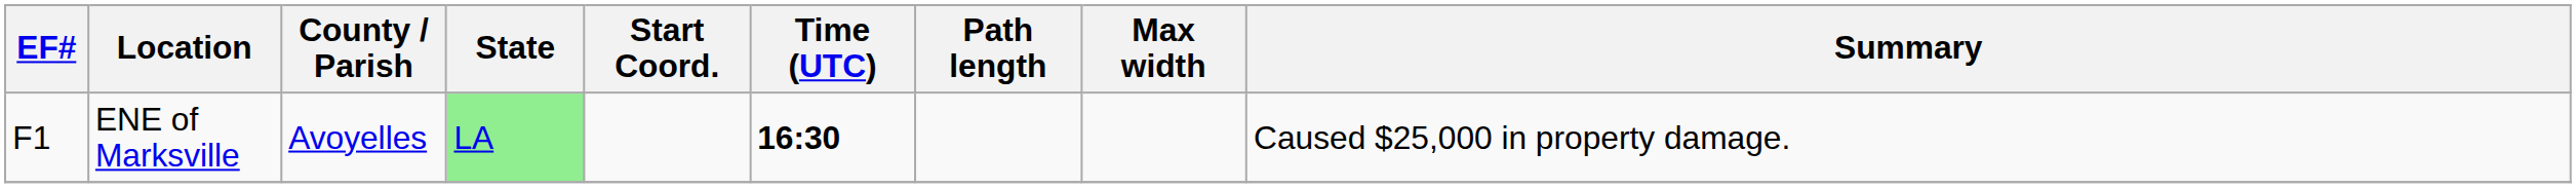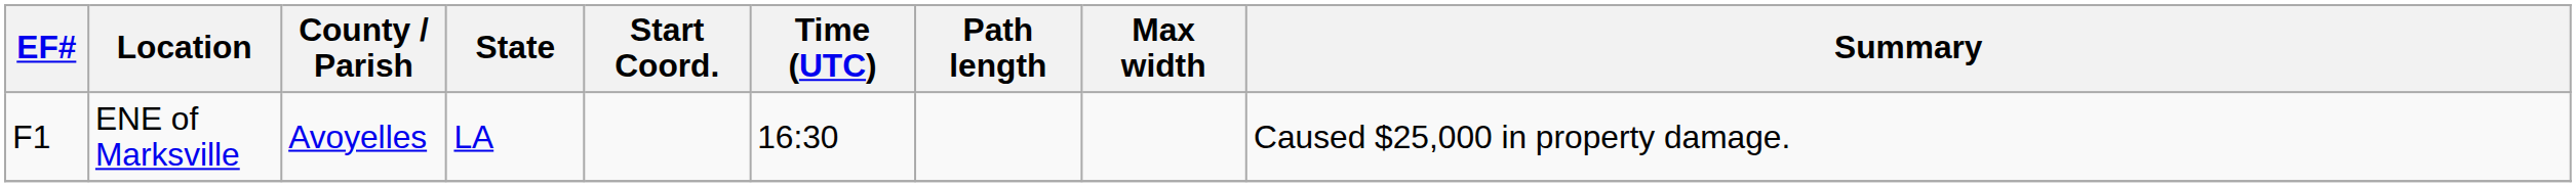 <table class="wikitable sortable" style="width:100%;">
 <tr>
 <th scope="col"  style="width:3%; text-align:center;"><a href='#'>EF#</a></th>
 <th scope="col"  style="width:7%; text-align:center;" class="unsortable">Location</th>
 <th scope="col"  style="width:6%; text-align:center;" class="unsortable">County / Parish</th>
 <th scope="col"  style="width:5%; text-align:center;">State</th>
 <th scope="col"  style="width:6%; text-align:center;">Start Coord.</th>
 <th scope="col"  style="width:6%; text-align:center;">Time (<a href='#'>UTC</a>)</th>
 <th scope="col"  style="width:6%; text-align:center;">Path length</th>
 <th scope="col"  style="width:6%; text-align:center;">Max width</th>
 <th scope="col" class="unsortable" style="width:48%; text-align:center;">Summary</th>
 </tr>
 <tr>
 <td bgcolor=>F1</td>
 <td>ENE of <a href='#'>Marksville</a></td>
 <td><a href='#'>Avoyelles</a></td>
-<td style="background: lightgreen;"><a href='#'>LA</a></td>
+<td><a href='#'>LA</a></td>
 <td></td>
-<td><strong>16:30</strong></td>
+<td>16:30</td>
 <td></td>
 <td></td>
 <td>Caused $25,000 in property damage.</td>
 </tr>
 <tr>
 </tr>
 </table>
